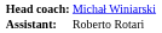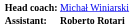 <table>
 <tr>
 <td><strong>Head coach:</strong></td>
 <td> <a href='#'>Michał Winiarski</a></td>
 </tr>
 <tr>
 <td><strong>Assistant:</strong></td>
-<td> Roberto Rotari</td>
+<td><strong> Roberto Rotari</strong></td>
 </tr>
 <tr>
 </tr>
 </table>
